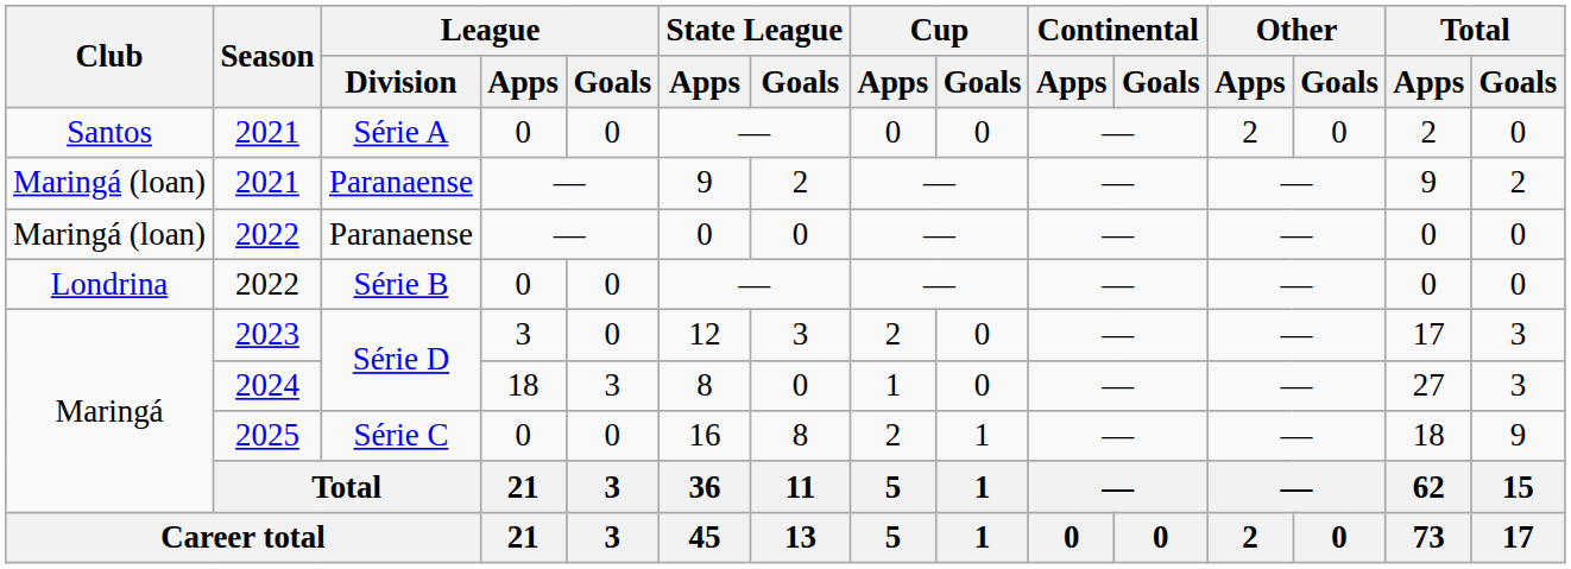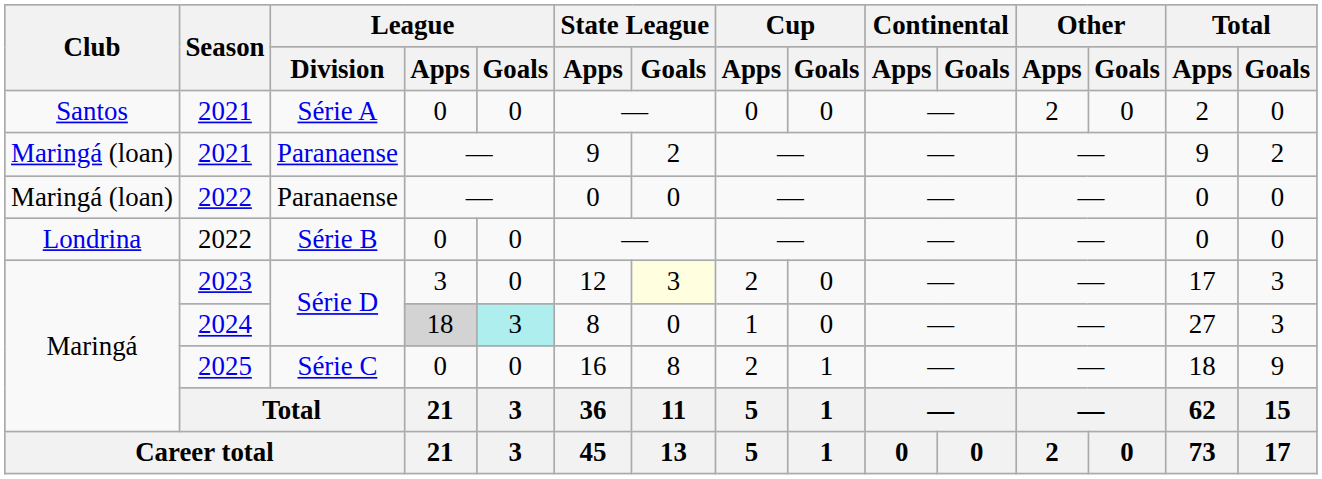 <table class="wikitable" style="text-align: center;">
 <tr>
 <th rowspan="2">Club</th>
 <th rowspan="2">Season</th>
 <th colspan="3">League</th>
 <th colspan="2">State League</th>
 <th colspan="2">Cup</th>
 <th colspan="2">Continental</th>
 <th colspan="2">Other</th>
 <th colspan="2">Total</th>
 </tr>
 <tr>
 <th>Division</th>
 <th>Apps</th>
 <th>Goals</th>
 <th>Apps</th>
 <th>Goals</th>
 <th>Apps</th>
 <th>Goals</th>
 <th>Apps</th>
 <th>Goals</th>
 <th>Apps</th>
 <th>Goals</th>
 <th>Apps</th>
 <th>Goals</th>
 </tr>
 <tr>
 <td valign="center"><a href='#'>Santos</a></td>
 <td><a href='#'>2021</a></td>
 <td><a href='#'>Série A</a></td>
 <td>0</td>
 <td>0</td>
 <td colspan="2">—</td>
 <td>0</td>
 <td>0</td>
 <td colspan="2">—</td>
 <td>2</td>
 <td>0</td>
 <td>2</td>
 <td>0</td>
 </tr>
 <tr>
 <td valign="center"><a href='#'>Maringá</a> (loan)</td>
 <td><a href='#'>2021</a></td>
 <td><a href='#'>Paranaense</a></td>
 <td colspan="2">—</td>
 <td>9</td>
 <td>2</td>
 <td colspan="2">—</td>
 <td colspan="2">—</td>
 <td colspan="2">—</td>
 <td>9</td>
 <td>2</td>
 </tr>
 <tr>
 <td valign="center">Maringá (loan)</td>
 <td><a href='#'>2022</a></td>
 <td>Paranaense</td>
 <td colspan="2">—</td>
 <td>0</td>
 <td>0</td>
 <td colspan="2">—</td>
 <td colspan="2">—</td>
 <td colspan="2">—</td>
 <td>0</td>
 <td>0</td>
 </tr>
 <tr>
 <td valign="center"><a href='#'>Londrina</a></td>
 <td>2022</td>
 <td><a href='#'>Série B</a></td>
 <td>0</td>
 <td>0</td>
 <td colspan="2">—</td>
 <td colspan="2">—</td>
 <td colspan="2">—</td>
 <td colspan="2">—</td>
 <td>0</td>
 <td>0</td>
 </tr>
 <tr>
 <td rowspan="4" valign="center">Maringá</td>
 <td><a href='#'>2023</a></td>
 <td rowspan="2"><a href='#'>Série D</a></td>
 <td>3</td>
 <td>0</td>
 <td>12</td>
-<td>3</td>
+<td style="background: lightyellow;">3</td>
 <td>2</td>
 <td>0</td>
 <td colspan="2">—</td>
 <td colspan="2">—</td>
 <td>17</td>
 <td>3</td>
 </tr>
 <tr>
 <td><a href='#'>2024</a></td>
-<td>18</td>
-<td>3</td>
+<td style="background: lightgrey;">18</td>
+<td style="background: paleturquoise;">3</td>
 <td>8</td>
 <td>0</td>
 <td>1</td>
 <td>0</td>
 <td colspan="2">—</td>
 <td colspan="2">—</td>
 <td>27</td>
 <td>3</td>
 </tr>
 <tr>
 <td><a href='#'>2025</a></td>
 <td><a href='#'>Série C</a></td>
 <td>0</td>
 <td>0</td>
 <td>16</td>
 <td>8</td>
 <td>2</td>
 <td>1</td>
 <td colspan="2">—</td>
 <td colspan="2">—</td>
 <td>18</td>
 <td>9</td>
 </tr>
 <tr>
 <th colspan="2">Total</th>
 <th>21</th>
 <th>3</th>
 <th>36</th>
 <th>11</th>
 <th>5</th>
 <th>1</th>
 <th colspan="2">—</th>
 <th colspan="2">—</th>
 <th>62</th>
 <th>15</th>
 </tr>
 <tr>
 <th colspan="3"><strong>Career total</strong></th>
 <th>21</th>
 <th>3</th>
 <th>45</th>
 <th>13</th>
 <th>5</th>
 <th>1</th>
 <th>0</th>
 <th>0</th>
 <th>2</th>
 <th>0</th>
 <th>73</th>
 <th>17</th>
 </tr>
 </table>
